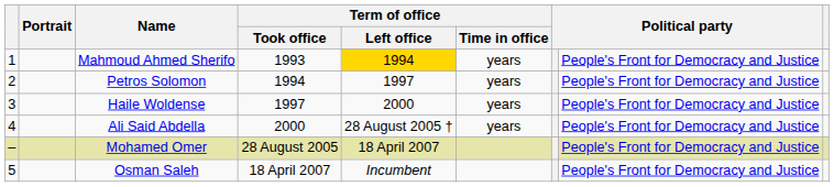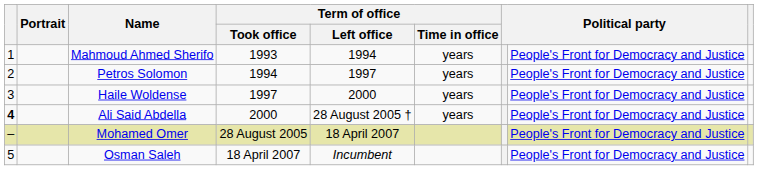 <table class="wikitable" style="text-align:center">
 <tr>
 <th rowspan=2></th>
 <th rowspan=2>Portrait</th>
 <th rowspan=2>Name<br></th>
 <th colspan=3>Term of office</th>
 <th colspan=2 rowspan=2>Political party</th>
 <th rowspan=2></th>
 </tr>
 <tr>
 <th>Took office</th>
 <th>Left office</th>
 <th>Time in office</th>
 </tr>
 <tr>
 <td>1</td>
 <td></td>
 <td><a href='#'>Mahmoud Ahmed Sherifo</a><br></td>
 <td>1993</td>
-<td style="background: gold;">1994</td>
+<td>1994</td>
 <td> years</td>
 <th style="background:"></th>
 <td><a href='#'>People's Front for Democracy and Justice</a></td>
 <td></td>
 </tr>
 <tr>
 <td>2</td>
 <td></td>
 <td><a href='#'>Petros Solomon</a><br></td>
 <td>1994</td>
 <td>1997</td>
 <td> years</td>
 <th style="background:"></th>
 <td><a href='#'>People's Front for Democracy and Justice</a></td>
 <td></td>
 </tr>
 <tr>
 <td>3</td>
 <td></td>
 <td><a href='#'>Haile Woldense</a><br></td>
 <td>1997</td>
 <td>2000</td>
 <td> years</td>
 <th style="background:"></th>
 <td><a href='#'>People's Front for Democracy and Justice</a></td>
 <td></td>
 </tr>
 <tr>
-<td>4</td>
+<td><strong>4</strong></td>
 <td></td>
 <td><a href='#'>Ali Said Abdella</a><br></td>
 <td>2000</td>
 <td>28 August 2005 †</td>
 <td> years</td>
 <th style="background:"></th>
 <td><a href='#'>People's Front for Democracy and Justice</a></td>
 <td></td>
 </tr>
 <tr style="background:#e6e6aa;">
 <td>–</td>
 <td></td>
 <td><a href='#'>Mohamed Omer</a><br></td>
 <td>28 August 2005</td>
 <td>18 April 2007</td>
 <td></td>
 <th style="background:"></th>
 <td><a href='#'>People's Front for Democracy and Justice</a></td>
 <td></td>
 </tr>
 <tr>
 <td>5</td>
 <td></td>
 <td><a href='#'>Osman Saleh</a><br></td>
 <td>18 April 2007</td>
 <td><em>Incumbent</em></td>
 <td></td>
 <th style="background:"></th>
 <td><a href='#'>People's Front for Democracy and Justice</a></td>
 <td></td>
 </tr>
 </table>
